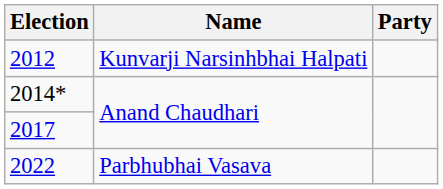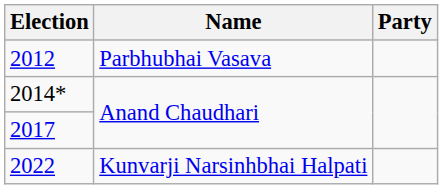 <table class="wikitable sortable">
 <tr>
 <th>Election</th>
 <th>Name</th>
 <th colspan="2">Party</th>
 </tr>
 <tr>
 <td><a href='#'>2012</a></td>
-<td><a href='#'>Kunvarji Narsinhbhai Halpati</a></td>
+<td><a href='#'>Parbhubhai Vasava</a></td>
 <td></td>
 </tr>
 <tr>
 <td>2014*</td>
 <td rowspan=2><a href='#'>Anand Chaudhari</a></td>
 </tr>
 <tr>
 <td><a href='#'>2017</a></td>
 </tr>
 <tr>
 <td><a href='#'>2022</a></td>
-<td><a href='#'>Parbhubhai Vasava</a></td>
+<td><a href='#'>Kunvarji Narsinhbhai Halpati</a></td>
 <td></td>
 </tr>
 </table>
